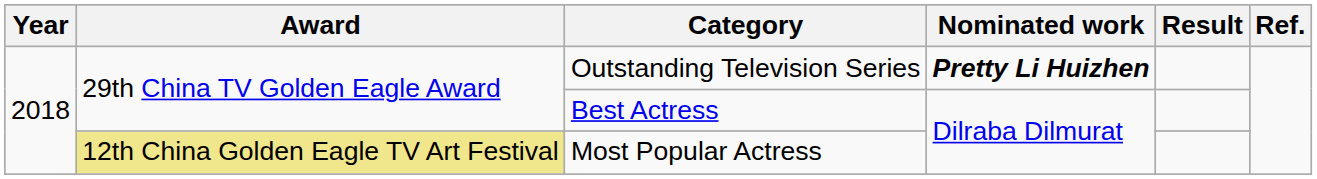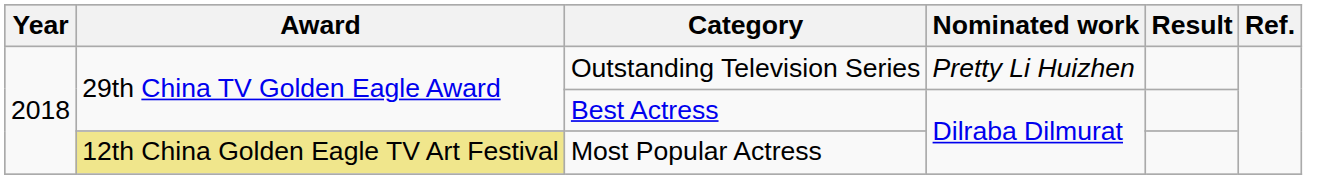 <table class="wikitable">
 <tr>
 <th>Year</th>
 <th>Award</th>
 <th>Category</th>
 <th>Nominated work</th>
 <th>Result</th>
 <th>Ref.</th>
 </tr>
 <tr>
 <td rowspan=3>2018</td>
 <td rowspan=2>29th <a href='#'>China TV Golden Eagle Award</a></td>
 <td>Outstanding Television Series</td>
-<td><strong><em>Pretty Li Huizhen</em></strong></td>
+<td><em>Pretty Li Huizhen</em></td>
 <td></td>
 <td rowspan=3></td>
 </tr>
 <tr>
 <td><a href='#'>Best Actress</a></td>
 <td rowspan=2><a href='#'>Dilraba Dilmurat</a></td>
 <td></td>
 </tr>
 <tr>
 <td style="background: khaki;">12th China Golden Eagle TV Art Festival</td>
 <td>Most Popular Actress</td>
 <td></td>
 </tr>
 </table>
